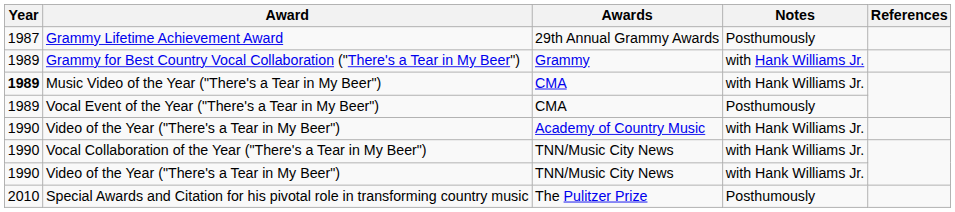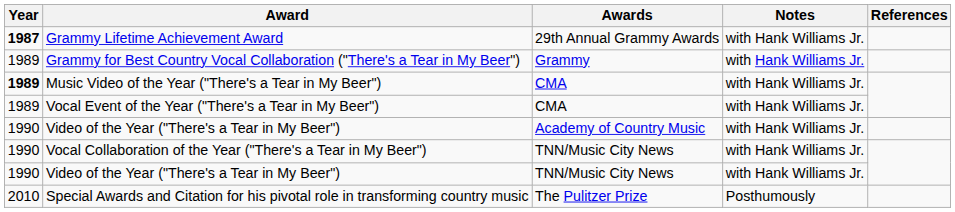 <table class="wikitable">
 <tr>
 <th>Year</th>
 <th>Award</th>
 <th>Awards</th>
 <th>Notes</th>
 <th>References</th>
 </tr>
 <tr>
-<td>1987</td>
+<td><strong>1987</strong></td>
 <td><a href='#'>Grammy Lifetime Achievement Award</a></td>
 <td>29th Annual Grammy Awards</td>
-<td>Posthumously</td>
+<td>with Hank Williams Jr.</td>
 <td style="text-align: center;"></td>
 </tr>
 <tr>
 <td>1989</td>
 <td><a href='#'>Grammy for Best Country Vocal Collaboration</a> ("<a href='#'>There's a Tear in My Beer</a>")</td>
 <td><a href='#'>Grammy</a></td>
 <td>with <a href='#'>Hank Williams Jr.</a></td>
 <td style="text-align: center;"></td>
 </tr>
 <tr>
 <td><strong>1989</strong></td>
 <td>Music Video of the Year ("There's a Tear in My Beer")</td>
 <td><a href='#'>CMA</a></td>
 <td>with Hank Williams Jr.</td>
 <td rowspan="2" style="text-align: center;"></td>
 </tr>
 <tr>
 <td>1989</td>
 <td>Vocal Event of the Year ("There's a Tear in My Beer")</td>
 <td>CMA</td>
-<td>Posthumously</td>
+<td>with Hank Williams Jr.</td>
 </tr>
 <tr>
 <td>1990</td>
 <td>Video of the Year ("There's a Tear in My Beer")</td>
 <td><a href='#'>Academy of Country Music</a></td>
 <td>with Hank Williams Jr.</td>
 <td style="text-align: center;"></td>
 </tr>
 <tr>
 <td>1990</td>
 <td>Vocal Collaboration of the Year ("There's a Tear in My Beer")</td>
 <td>TNN/Music City News</td>
 <td>with Hank Williams Jr.</td>
 <td rowspan="2" style="text-align: center;"></td>
 </tr>
 <tr>
 <td>1990</td>
 <td>Video of the Year ("There's a Tear in My Beer")</td>
 <td>TNN/Music City News</td>
 <td>with Hank Williams Jr.</td>
 </tr>
 <tr>
 <td>2010</td>
 <td>Special Awards and Citation for his pivotal role in transforming country music</td>
 <td>The <a href='#'>Pulitzer Prize</a></td>
 <td>Posthumously</td>
 <td style="text-align: center;"></td>
 </tr>
 </table>
